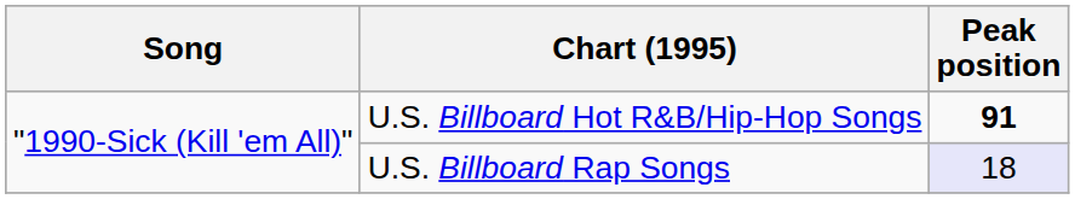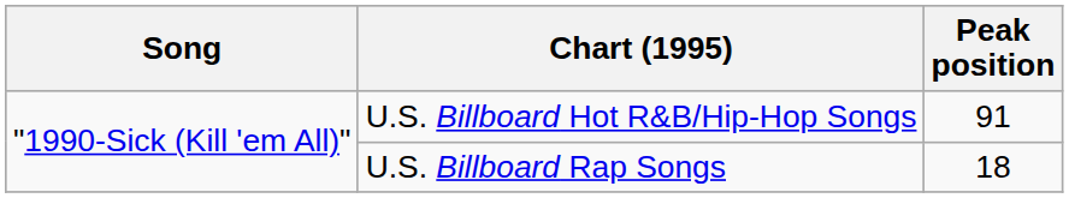 <table class="wikitable">
 <tr>
 <th align="left">Song</th>
 <th align="left">Chart (1995)</th>
 <th align="center">Peak<br>position</th>
 </tr>
 <tr>
 <td rowspan="2">"<a href='#'>1990-Sick (Kill 'em All)</a>"</td>
 <td align="left">U.S. <a href='#'><em>Billboard</em> Hot R&B/Hip-Hop Songs</a></td>
-<td align="center"><strong>91</strong></td>
+<td align="center">91</td>
 </tr>
 <tr>
 <td align="left">U.S. <a href='#'><em>Billboard</em> Rap Songs</a></td>
-<td align="center" style="background: lavender;">18</td>
+<td align="center">18</td>
 </tr>
 </table>
